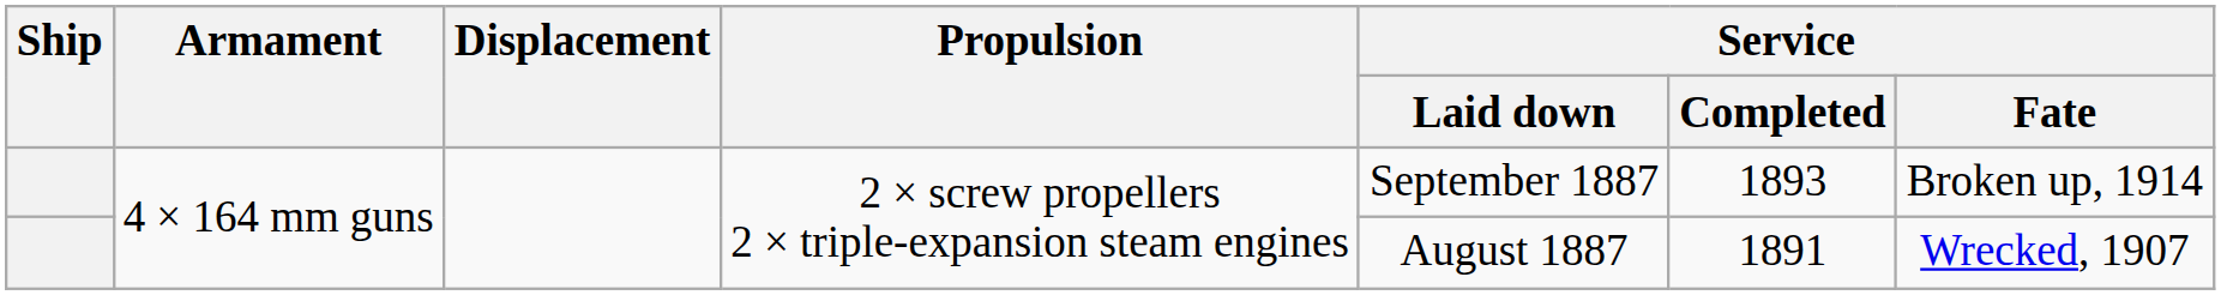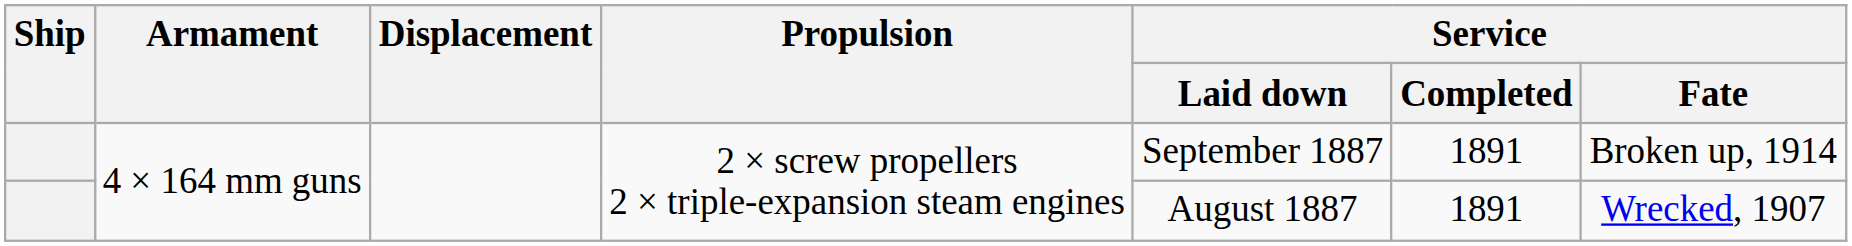 <table class="wikitable plainrowheaders" style="text-align: center;">
 <tr valign="top">
 <th scope="col" rowspan="2">Ship</th>
 <th scope="col" rowspan="2">Armament</th>
 <th scope="col" rowspan="2">Displacement</th>
 <th scope="col" rowspan="2">Propulsion</th>
 <th scope="col" colspan="3">Service</th>
 </tr>
 <tr valign="top">
 <th scope="col">Laid down</th>
 <th scope="col">Completed</th>
 <th scope="col">Fate</th>
 </tr>
 <tr valign="center">
 <th scope="row"></th>
 <td rowspan="2">4 × 164 mm guns</td>
 <td rowspan="2"></td>
 <td rowspan="2">2 × screw propellers<br>2 × triple-expansion steam engines<br></td>
 <td>September 1887</td>
-<td>1893</td>
+<td>1891</td>
 <td>Broken up, 1914</td>
 </tr>
 <tr valign="center">
 <th scope="row"></th>
 <td>August 1887</td>
 <td>1891</td>
 <td><a href='#'>Wrecked</a>, 1907</td>
 </tr>
 </table>
